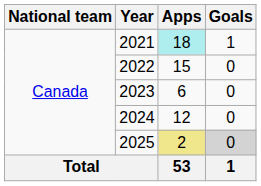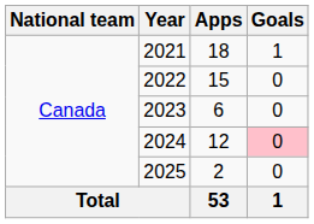 <table class="wikitable" style="text-align:center">
 <tr>
 <th>National team</th>
 <th>Year</th>
 <th>Apps</th>
 <th>Goals</th>
 </tr>
 <tr>
 <td rowspan="5"><a href='#'>Canada</a></td>
 <td>2021</td>
-<td style="background: paleturquoise;">18</td>
+<td>18</td>
 <td>1</td>
 </tr>
 <tr>
 <td>2022</td>
 <td>15</td>
 <td>0</td>
 </tr>
 <tr>
 <td>2023</td>
 <td>6</td>
 <td>0</td>
 </tr>
 <tr>
 <td>2024</td>
 <td>12</td>
-<td>0</td>
+<td style="background: pink;">0</td>
 </tr>
 <tr>
 <td>2025</td>
-<td style="background: khaki;">2</td>
-<td style="background: lightgrey;">0</td>
+<td>2</td>
+<td>0</td>
 </tr>
 <tr>
 <th colspan="2">Total</th>
 <th>53</th>
 <th>1</th>
 </tr>
 </table>
